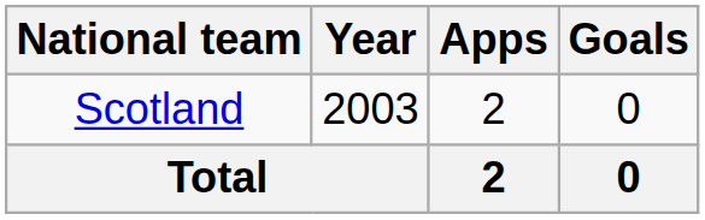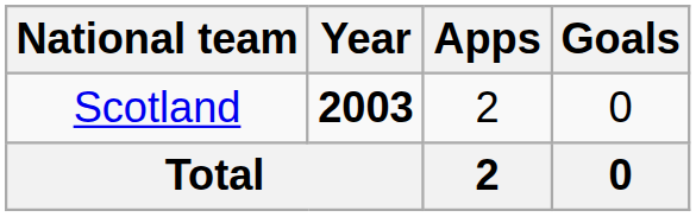 <table class="wikitable" style="text-align:center">
 <tr>
 <th>National team</th>
 <th>Year</th>
 <th>Apps</th>
 <th>Goals</th>
 </tr>
 <tr>
 <td><a href='#'>Scotland</a></td>
-<td>2003</td>
+<td><strong>2003</strong></td>
 <td>2</td>
 <td>0</td>
 </tr>
 <tr>
 <th colspan="2">Total</th>
 <th>2</th>
 <th>0</th>
 </tr>
 </table>
